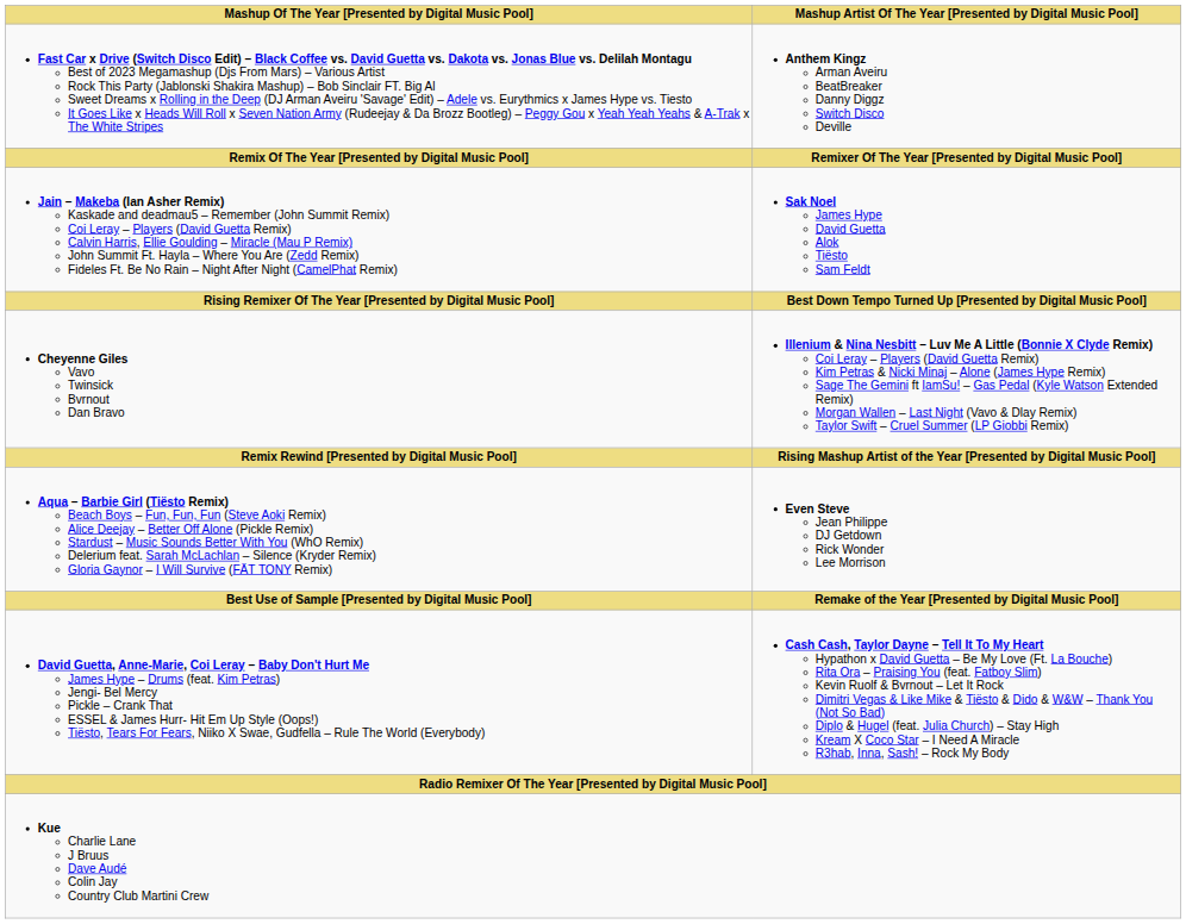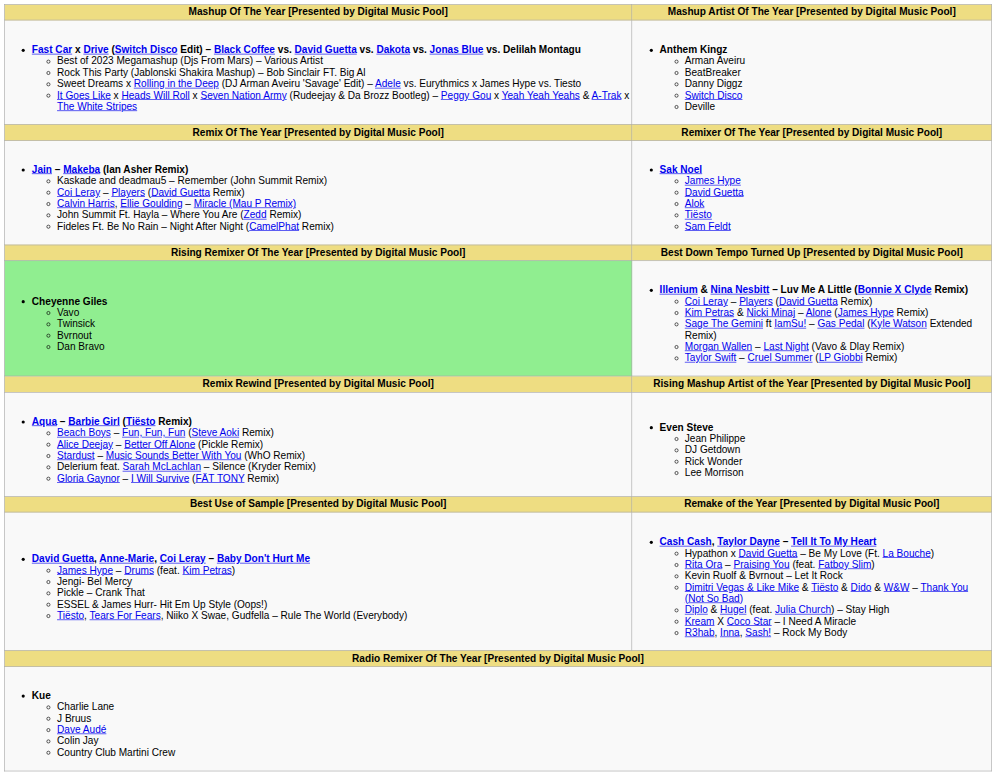 <table class="wikitable">
 <tr>
 <th style="background:#EEDD82; width=50%"><strong>Mashup Of The Year [Presented by Digital Music Pool]</strong></th>
 <th style="background:#EEDD82; width=50%"><strong>Mashup Artist Of The Year [Presented by Digital Music Pool]</strong></th>
 </tr>
 <tr>
 <td><br><ul><li><strong><a href='#'>Fast Car</a> x <a href='#'>Drive</a> (<a href='#'>Switch Disco</a> Edit) – <a href='#'>Black Coffee</a> vs. <a href='#'>David Guetta</a> vs. <a href='#'>Dakota</a> vs. <a href='#'>Jonas Blue</a> vs. Delilah Montagu</strong><ul><li>Best of 2023 Megamashup (Djs From Mars) – Various Artist</li><li>Rock This Party (Jablonski Shakira Mashup) – Bob Sinclair FT. Big Al</li><li>Sweet Dreams x <a href='#'>Rolling in the Deep</a> (DJ Arman Aveiru 'Savage' Edit) – <a href='#'>Adele</a> vs. Eurythmics x James Hype vs. Tiesto</li><li><a href='#'>It Goes Like</a> x <a href='#'>Heads Will Roll</a> x <a href='#'>Seven Nation Army</a> (Rudeejay & Da Brozz Bootleg) – <a href='#'>Peggy Gou</a> x <a href='#'>Yeah Yeah Yeahs</a> & <a href='#'>A-Trak</a> x <a href='#'>The White Stripes</a></li></ul></li></ul></td>
 <td><br><ul><li><strong>Anthem Kingz</strong><ul><li>Arman Aveiru</li><li>BeatBreaker</li><li>Danny Diggz</li><li><a href='#'>Switch Disco</a></li><li>Deville</li></ul></li></ul></td>
 </tr>
 <tr>
 <th style="background:#EEDD82; width=50%"><strong>Remix Of The Year [Presented by Digital Music Pool]</strong></th>
 <th style="background:#EEDD82; width=50%"><strong>Remixer Of The Year [Presented by Digital Music Pool]</strong></th>
 </tr>
 <tr>
 <td><br><ul><li><strong><a href='#'>Jain</a> – <a href='#'>Makeba</a> (Ian Asher Remix)</strong><ul><li>Kaskade and deadmau5 – Remember (John Summit Remix)</li><li><a href='#'>Coi Leray</a> – <a href='#'>Players</a> (<a href='#'>David Guetta</a> Remix)</li><li><a href='#'>Calvin Harris</a>, <a href='#'>Ellie Goulding</a> – <a href='#'>Miracle (Mau P Remix)</a></li><li>John Summit Ft. Hayla – Where You Are (<a href='#'>Zedd</a> Remix)</li><li>Fideles Ft. Be No Rain – Night After Night (<a href='#'>CamelPhat</a> Remix)</li></ul></li></ul></td>
 <td><br><ul><li><strong><a href='#'>Sak Noel</a></strong><ul><li><a href='#'>James Hype</a></li><li><a href='#'>David Guetta</a></li><li><a href='#'>Alok</a></li><li><a href='#'>Tiësto</a></li><li><a href='#'>Sam Feldt</a></li></ul></li></ul></td>
 </tr>
 <tr>
 <th style="background:#EEDD82; width=50%"><strong>Rising Remixer Of The Year [Presented by Digital Music Pool]</strong></th>
 <th style="background:#EEDD82; width=50%"><strong>Best Down Tempo Turned Up [Presented by Digital Music Pool]</strong></th>
 </tr>
 <tr>
-<td><br><ul><li><strong>Cheyenne Giles</strong><ul><li>Vavo</li><li>Twinsick</li><li>Bvrnout</li><li>Dan Bravo</li></ul></li></ul></td>
+<td style="background: lightgreen;"><br><ul><li><strong>Cheyenne Giles</strong><ul><li>Vavo</li><li>Twinsick</li><li>Bvrnout</li><li>Dan Bravo</li></ul></li></ul></td>
 <td><br><ul><li><strong><a href='#'>Illenium</a> & <a href='#'>Nina Nesbitt</a> – Luv Me A Little (<a href='#'>Bonnie X Clyde</a> Remix)</strong><ul><li><a href='#'>Coi Leray</a> – <a href='#'>Players</a> (<a href='#'>David Guetta</a> Remix)</li><li><a href='#'>Kim Petras</a> & <a href='#'>Nicki Minaj</a> – <a href='#'>Alone</a> (<a href='#'>James Hype</a> Remix)</li><li><a href='#'>Sage The Gemini</a> ft <a href='#'>IamSu!</a> – <a href='#'>Gas Pedal</a> (<a href='#'>Kyle Watson</a> Extended Remix)</li><li><a href='#'>Morgan Wallen</a> – <a href='#'>Last Night</a> (Vavo & Dlay Remix)</li><li><a href='#'>Taylor Swift</a> – <a href='#'>Cruel Summer</a> (<a href='#'>LP Giobbi</a> Remix)</li></ul></li></ul></td>
 </tr>
 <tr>
 <th style="background:#EEDD82; width=50%"><strong>Remix Rewind [Presented by Digital Music Pool]</strong></th>
 <th style="background:#EEDD82; width=50%"><strong>Rising Mashup Artist of the Year [Presented by Digital Music Pool]</strong></th>
 </tr>
 <tr>
 <td><br><ul><li><strong><a href='#'>Aqua</a> – <a href='#'>Barbie Girl</a> (<a href='#'>Tiësto</a> Remix)</strong><ul><li><a href='#'>Beach Boys</a> – <a href='#'>Fun, Fun, Fun</a> (<a href='#'>Steve Aoki</a> Remix)</li><li><a href='#'>Alice Deejay</a> – <a href='#'>Better Off Alone</a> (Pickle Remix)</li><li><a href='#'>Stardust</a> – <a href='#'>Music Sounds Better With You</a> (WhO Remix)</li><li>Delerium feat. <a href='#'>Sarah McLachlan</a> – Silence (Kryder Remix)</li><li><a href='#'>Gloria Gaynor</a> – <a href='#'>I Will Survive</a> (<a href='#'>FÄT TONY</a> Remix)</li></ul></li></ul></td>
 <td><br><ul><li><strong>Even Steve</strong><ul><li>Jean Philippe</li><li>DJ Getdown</li><li>Rick Wonder</li><li>Lee Morrison</li></ul></li></ul></td>
 </tr>
 <tr>
 <th style="background:#EEDD82; width=50%"><strong>Best Use of Sample [Presented by Digital Music Pool]</strong></th>
 <th style="background:#EEDD82; width=50%"><strong>Remake of the Year [Presented by Digital Music Pool]</strong></th>
 </tr>
 <tr>
 <td><br><ul><li><strong><a href='#'>David Guetta</a>, <a href='#'>Anne-Marie</a>, <a href='#'>Coi Leray</a> – <a href='#'>Baby Don't Hurt Me</a></strong><ul><li><a href='#'>James Hype</a> – <a href='#'>Drums</a> (feat. <a href='#'>Kim Petras</a>)</li><li>Jengi- Bel Mercy</li><li>Pickle – Crank That</li><li>ESSEL & James Hurr- Hit Em Up Style (Oops!)</li><li><a href='#'>Tiësto</a>, <a href='#'>Tears For Fears</a>, Niiko X Swae, Gudfella – Rule The World (Everybody)</li></ul></li></ul></td>
 <td><br><ul><li><strong><a href='#'>Cash Cash</a>, <a href='#'>Taylor Dayne</a> – <a href='#'>Tell It To My Heart</a></strong><ul><li>Hypathon x <a href='#'>David Guetta</a> – Be My Love (Ft. <a href='#'>La Bouche</a>)</li><li><a href='#'>Rita Ora</a> – <a href='#'>Praising You</a> (feat. <a href='#'>Fatboy Slim</a>)</li><li>Kevin Ruolf & Bvrnout – Let It Rock</li><li><a href='#'>Dimitri Vegas & Like Mike</a> & <a href='#'>Tiësto</a> & <a href='#'>Dido</a> & <a href='#'>W&W</a> – <a href='#'>Thank You (Not So Bad)</a></li><li><a href='#'>Diplo</a> & <a href='#'>Hugel</a> (feat. <a href='#'>Julia Church</a>) – Stay High</li><li><a href='#'>Kream</a> X <a href='#'>Coco Star</a> – I Need A Miracle</li><li><a href='#'>R3hab</a>, <a href='#'>Inna</a>, <a href='#'>Sash!</a> – Rock My Body</li></ul></li></ul></td>
 </tr>
 <tr>
 <th colspan="2" style="background:#EEDD82; width=50%"><strong>Radio Remixer Of The Year [Presented by Digital Music Pool]</strong></th>
 </tr>
 <tr>
 <td colspan="2"><br><ul><li><strong>Kue</strong><ul><li>Charlie Lane</li><li>J Bruus</li><li><a href='#'>Dave Audé</a></li><li>Colin Jay</li><li>Country Club Martini Crew</li></ul></li></ul></td>
 </tr>
 </table>
